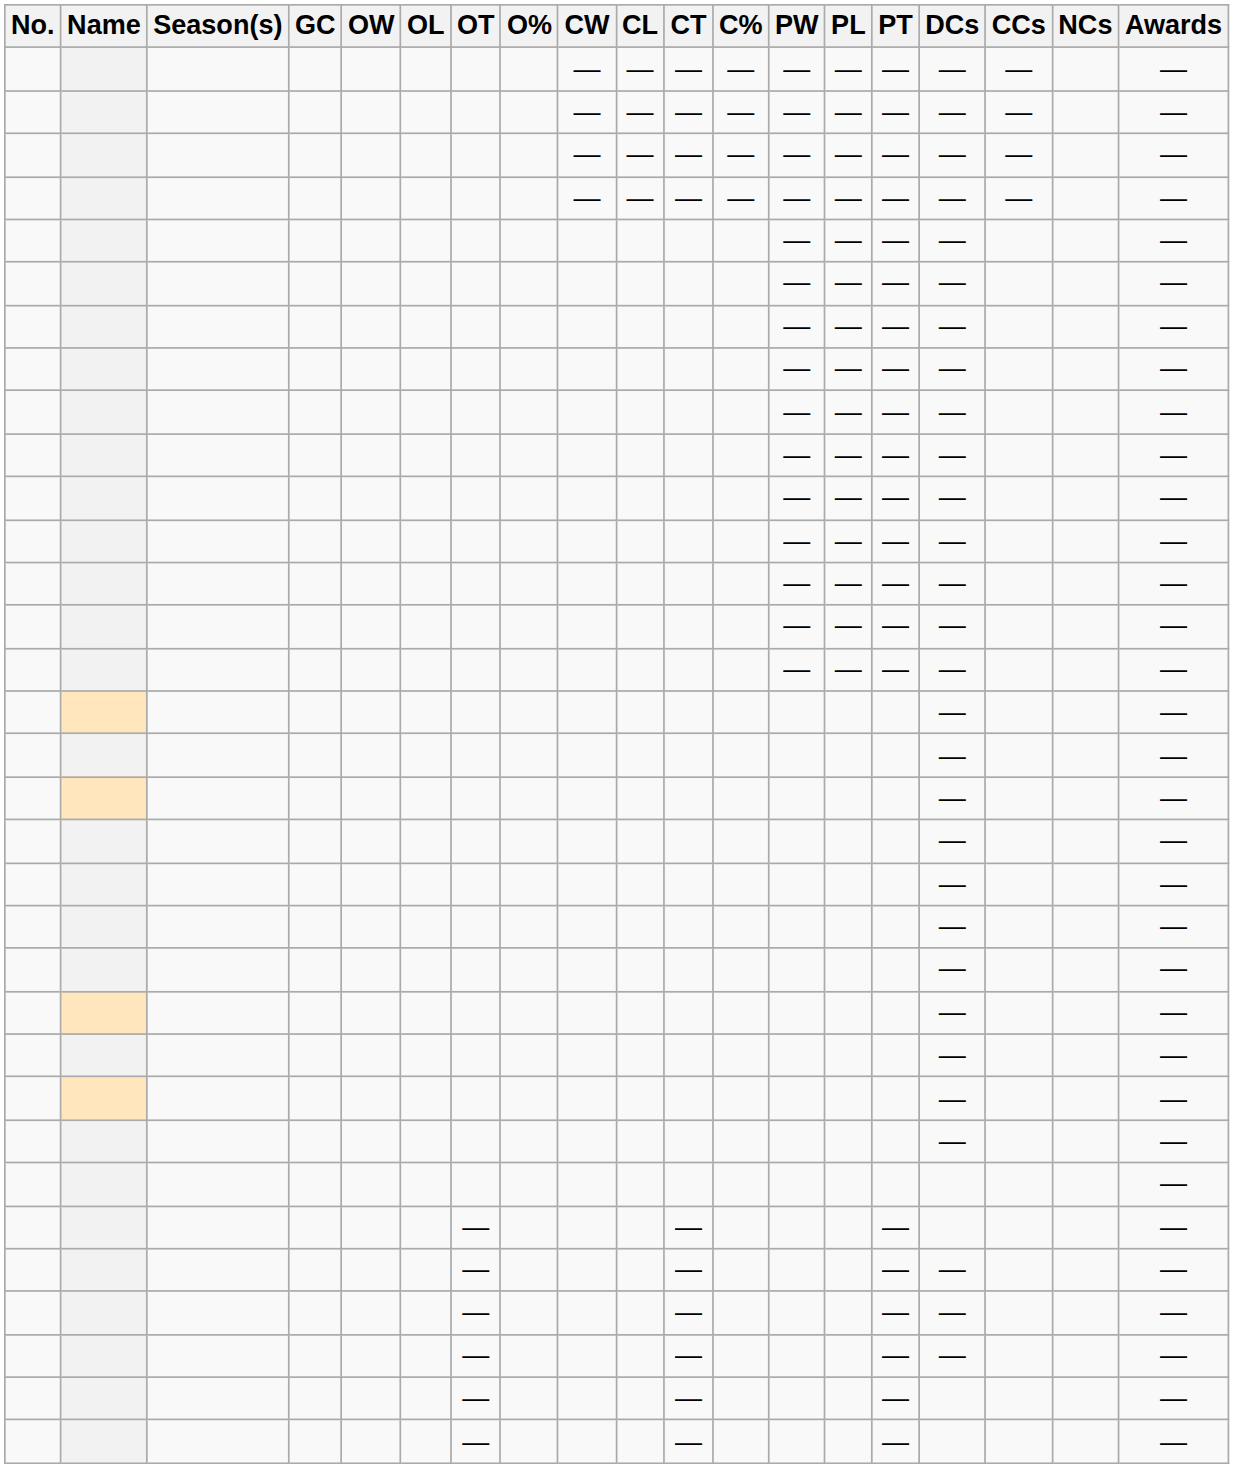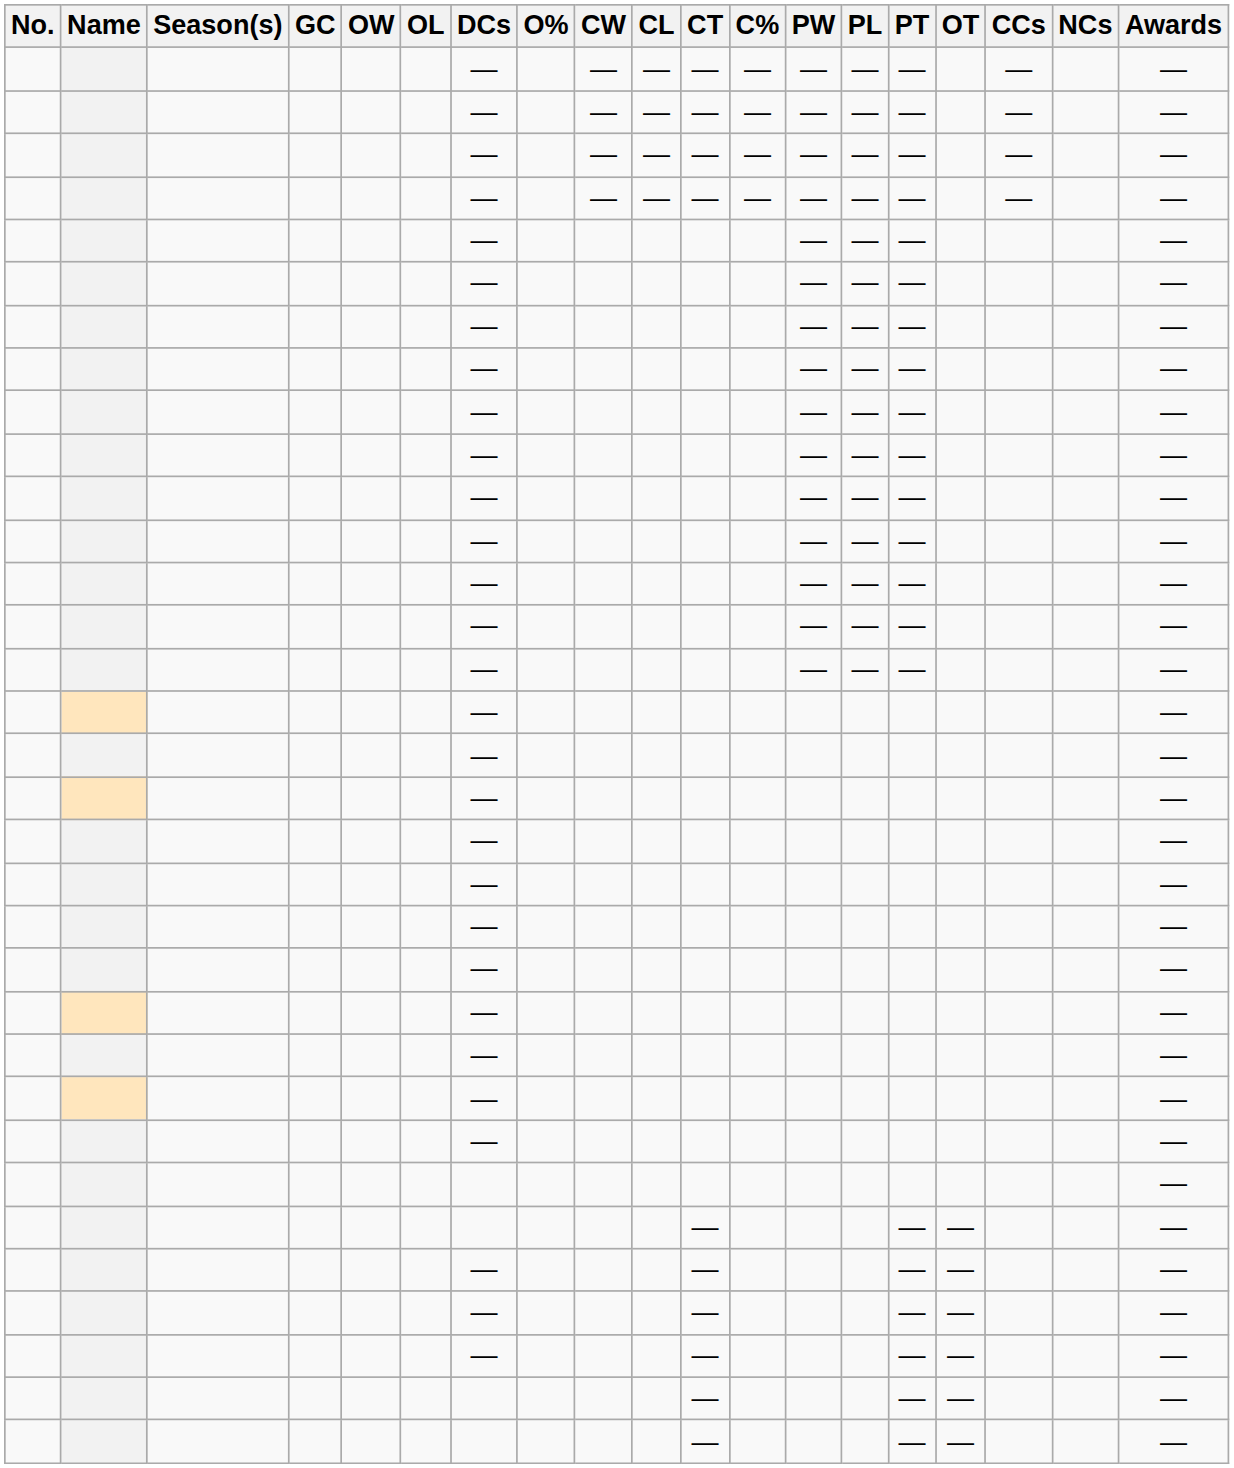 <table class="wikitable sortable" style="text-align:center">
 <tr>
 <th scope="col" class="unsortable">No.</th>
 <th scope="col">Name</th>
 <th scope="col">Season(s)</th>
 <th scope="col">GC</th>
 <th scope="col">OW</th>
 <th scope="col">OL</th>
-<th scope="col">OT</th>
+<th scope="col">DCs</th>
 <th scope="col">O%</th>
 <th scope="col">CW</th>
 <th scope="col">CL</th>
 <th scope="col">CT</th>
 <th scope="col">C%</th>
 <th scope="col">PW</th>
 <th scope="col">PL</th>
 <th scope="col">PT</th>
-<th scope="col">DCs</th>
+<th scope="col">OT</th>
 <th scope="col">CCs</th>
 <th scope="col">NCs</th>
 <th scope="col" class="unsortable">Awards</th>
 </tr>
 <tr>
 <td></td>
 <th scope="row"></th>
 <td></td>
 <td></td>
 <td></td>
 <td></td>
-<td></td>
+<td>—</td>
 <td></td>
 <td>—</td>
 <td>—</td>
 <td>—</td>
 <td>—</td>
 <td>—</td>
 <td>—</td>
 <td>—</td>
-<td>—</td>
+<td></td>
 <td>—</td>
 <td></td>
 <td>—</td>
 </tr>
 <tr>
 <td></td>
 <th scope="row"></th>
 <td></td>
 <td></td>
 <td></td>
 <td></td>
-<td></td>
+<td>—</td>
 <td></td>
 <td>—</td>
 <td>—</td>
 <td>—</td>
 <td>—</td>
 <td>—</td>
 <td>—</td>
 <td>—</td>
-<td>—</td>
+<td></td>
 <td>—</td>
 <td></td>
 <td>—</td>
 </tr>
 <tr>
 <td></td>
 <th scope="row"></th>
 <td></td>
 <td></td>
 <td></td>
 <td></td>
-<td></td>
+<td>—</td>
 <td></td>
 <td>—</td>
 <td>—</td>
 <td>—</td>
 <td>—</td>
 <td>—</td>
 <td>—</td>
 <td>—</td>
-<td>—</td>
+<td></td>
 <td>—</td>
 <td></td>
 <td>—</td>
 </tr>
 <tr>
 <td></td>
 <th scope="row"></th>
 <td></td>
 <td></td>
 <td></td>
 <td></td>
-<td></td>
+<td>—</td>
 <td></td>
 <td>—</td>
 <td>—</td>
 <td>—</td>
 <td>—</td>
 <td>—</td>
 <td>—</td>
 <td>—</td>
-<td>—</td>
+<td></td>
 <td>—</td>
 <td></td>
 <td>—</td>
 </tr>
 <tr>
 <td></td>
 <th scope="row"></th>
 <td></td>
 <td></td>
 <td></td>
 <td></td>
-<td></td>
+<td>—</td>
 <td></td>
 <td></td>
 <td></td>
 <td></td>
 <td></td>
 <td>—</td>
 <td>—</td>
 <td>—</td>
-<td>—</td>
+<td></td>
 <td></td>
 <td></td>
 <td>—</td>
 </tr>
 <tr>
 <td></td>
 <th scope="row"></th>
 <td></td>
 <td></td>
 <td></td>
 <td></td>
-<td></td>
+<td>—</td>
 <td></td>
 <td></td>
 <td></td>
 <td></td>
 <td></td>
 <td>—</td>
 <td>—</td>
 <td>—</td>
-<td>—</td>
+<td></td>
 <td></td>
 <td></td>
 <td>—</td>
 </tr>
 <tr>
 <td></td>
 <th scope="row"></th>
 <td></td>
 <td></td>
 <td></td>
 <td></td>
-<td></td>
+<td>—</td>
 <td></td>
 <td></td>
 <td></td>
 <td></td>
 <td></td>
 <td>—</td>
 <td>—</td>
 <td>—</td>
-<td>—</td>
+<td></td>
 <td></td>
 <td></td>
 <td>—</td>
 </tr>
 <tr>
 <td></td>
 <th scope="row"></th>
 <td></td>
 <td></td>
 <td></td>
 <td></td>
-<td></td>
+<td>—</td>
 <td></td>
 <td></td>
 <td></td>
 <td></td>
 <td></td>
 <td>—</td>
 <td>—</td>
 <td>—</td>
-<td>—</td>
+<td></td>
 <td></td>
 <td></td>
 <td>—</td>
 </tr>
 <tr>
 <td></td>
 <th scope="row"></th>
 <td></td>
 <td></td>
 <td></td>
 <td></td>
-<td></td>
+<td>—</td>
 <td></td>
 <td></td>
 <td></td>
 <td></td>
 <td></td>
 <td>—</td>
 <td>—</td>
 <td>—</td>
-<td>—</td>
+<td></td>
 <td></td>
 <td></td>
 <td>—</td>
 </tr>
 <tr>
 <td></td>
 <th scope="row"></th>
 <td></td>
 <td></td>
 <td></td>
 <td></td>
-<td></td>
+<td>—</td>
 <td></td>
 <td></td>
 <td></td>
 <td></td>
 <td></td>
 <td>—</td>
 <td>—</td>
 <td>—</td>
-<td>—</td>
+<td></td>
 <td></td>
 <td></td>
 <td>—</td>
 </tr>
 <tr>
 <td></td>
 <th scope="row"></th>
 <td></td>
 <td></td>
 <td></td>
 <td></td>
-<td></td>
+<td>—</td>
 <td></td>
 <td></td>
 <td></td>
 <td></td>
 <td></td>
 <td>—</td>
 <td>—</td>
 <td>—</td>
-<td>—</td>
+<td></td>
 <td></td>
 <td></td>
 <td>—</td>
 </tr>
 <tr>
 <td></td>
 <th scope="row"></th>
 <td></td>
 <td></td>
 <td></td>
 <td></td>
-<td></td>
+<td>—</td>
 <td></td>
 <td></td>
 <td></td>
 <td></td>
 <td></td>
 <td>—</td>
 <td>—</td>
 <td>—</td>
-<td>—</td>
+<td></td>
 <td></td>
 <td></td>
 <td>—</td>
 </tr>
 <tr>
 <td></td>
 <th scope="row"></th>
 <td></td>
 <td></td>
 <td></td>
 <td></td>
-<td></td>
+<td>—</td>
 <td></td>
 <td></td>
 <td></td>
 <td></td>
 <td></td>
 <td>—</td>
 <td>—</td>
 <td>—</td>
-<td>—</td>
+<td></td>
 <td></td>
 <td></td>
 <td>—</td>
 </tr>
 <tr>
 <td></td>
 <th scope="row"></th>
 <td></td>
 <td></td>
 <td></td>
 <td></td>
-<td></td>
+<td>—</td>
 <td></td>
 <td></td>
 <td></td>
 <td></td>
 <td></td>
 <td>—</td>
 <td>—</td>
 <td>—</td>
-<td>—</td>
+<td></td>
 <td></td>
 <td></td>
 <td>—</td>
 </tr>
 <tr>
 <td></td>
 <th scope="row"></th>
 <td></td>
 <td></td>
 <td></td>
 <td></td>
-<td></td>
+<td>—</td>
 <td></td>
 <td></td>
 <td></td>
 <td></td>
 <td></td>
 <td>—</td>
 <td>—</td>
 <td>—</td>
-<td>—</td>
+<td></td>
 <td></td>
 <td></td>
 <td>—</td>
 </tr>
 <tr>
 <td></td>
 <td scope="row" align="center" bgcolor=#FFE6BD><strong></strong><sup></sup></td>
 <td></td>
 <td></td>
+<td></td>
+<td></td>
+<td>—</td>
 <td></td>
 <td></td>
 <td></td>
 <td></td>
 <td></td>
 <td></td>
 <td></td>
 <td></td>
 <td></td>
 <td></td>
 <td></td>
 <td>—</td>
-<td></td>
-<td></td>
-<td>—</td>
 </tr>
 <tr>
 <td></td>
 <th scope="row"></th>
 <td></td>
 <td></td>
+<td></td>
+<td></td>
+<td>—</td>
 <td></td>
 <td></td>
 <td></td>
 <td></td>
 <td></td>
 <td></td>
 <td></td>
 <td></td>
 <td></td>
 <td></td>
 <td></td>
 <td>—</td>
-<td></td>
-<td></td>
-<td>—</td>
 </tr>
 <tr>
 <td></td>
 <td scope="row" align="center" bgcolor=#FFE6BD><strong></strong><sup></sup></td>
 <td></td>
 <td></td>
+<td></td>
+<td></td>
+<td>—</td>
 <td></td>
 <td></td>
 <td></td>
 <td></td>
 <td></td>
 <td></td>
 <td></td>
 <td></td>
 <td></td>
 <td></td>
 <td></td>
 <td>—</td>
-<td></td>
-<td></td>
-<td>—</td>
 </tr>
 <tr>
 <td></td>
 <th scope="row"></th>
 <td></td>
 <td></td>
+<td></td>
+<td></td>
+<td>—</td>
 <td></td>
 <td></td>
 <td></td>
 <td></td>
 <td></td>
 <td></td>
 <td></td>
 <td></td>
 <td></td>
 <td></td>
 <td></td>
 <td>—</td>
-<td></td>
-<td></td>
-<td>—</td>
 </tr>
 <tr>
 <td></td>
 <th scope="row"></th>
 <td></td>
 <td></td>
+<td></td>
+<td></td>
+<td>—</td>
 <td></td>
 <td></td>
 <td></td>
 <td></td>
 <td></td>
 <td></td>
 <td></td>
 <td></td>
 <td></td>
 <td></td>
 <td></td>
 <td>—</td>
-<td></td>
-<td></td>
-<td>—</td>
 </tr>
 <tr>
 <td></td>
 <th scope="row"></th>
 <td></td>
 <td></td>
+<td></td>
+<td></td>
+<td>—</td>
 <td></td>
 <td></td>
 <td></td>
 <td></td>
 <td></td>
 <td></td>
 <td></td>
 <td></td>
 <td></td>
 <td></td>
 <td></td>
 <td>—</td>
-<td></td>
-<td></td>
-<td>—</td>
 </tr>
 <tr>
 <td></td>
 <th scope="row"></th>
 <td></td>
 <td></td>
+<td></td>
+<td></td>
+<td>—</td>
 <td></td>
 <td></td>
 <td></td>
 <td></td>
 <td></td>
 <td></td>
 <td></td>
 <td></td>
 <td></td>
 <td></td>
 <td></td>
 <td>—</td>
-<td></td>
-<td></td>
-<td>—</td>
 </tr>
 <tr>
 <td></td>
 <td scope="row" align="center" bgcolor=#FFE6BD><strong></strong><sup></sup></td>
 <td></td>
 <td></td>
+<td></td>
+<td></td>
+<td>—</td>
 <td></td>
 <td></td>
 <td></td>
 <td></td>
 <td></td>
 <td></td>
 <td></td>
 <td></td>
 <td></td>
 <td></td>
 <td></td>
 <td>—</td>
-<td></td>
-<td></td>
-<td>—</td>
 </tr>
 <tr>
 <td></td>
 <th scope="row"></th>
 <td></td>
 <td></td>
+<td></td>
+<td></td>
+<td>—</td>
 <td></td>
 <td></td>
 <td></td>
 <td></td>
 <td></td>
 <td></td>
 <td></td>
 <td></td>
 <td></td>
 <td></td>
 <td></td>
 <td>—</td>
-<td></td>
-<td></td>
-<td>—</td>
 </tr>
 <tr>
 <td></td>
 <td scope="row" align="center" bgcolor=#FFE6BD><strong></strong><sup></sup></td>
 <td></td>
 <td></td>
+<td></td>
+<td></td>
+<td>—</td>
 <td></td>
 <td></td>
 <td></td>
 <td></td>
 <td></td>
 <td></td>
 <td></td>
 <td></td>
 <td></td>
 <td></td>
 <td></td>
 <td>—</td>
-<td></td>
-<td></td>
-<td>—</td>
 </tr>
 <tr>
 <td></td>
 <th scope="row"></th>
+<td></td>
+<td></td>
+<td></td>
+<td></td>
+<td>—</td>
 <td></td>
 <td></td>
 <td></td>
 <td></td>
 <td></td>
 <td></td>
 <td></td>
 <td></td>
 <td></td>
-<td></td>
-<td></td>
-<td></td>
-<td></td>
-<td>—</td>
 <td></td>
 <td></td>
 <td>—</td>
 </tr>
 <tr>
 <td></td>
 <th scope="row"></th>
 <td></td>
 <td></td>
 <td></td>
 <td></td>
 <td></td>
 <td></td>
 <td></td>
 <td></td>
 <td></td>
 <td></td>
 <td></td>
 <td></td>
 <td></td>
 <td></td>
 <td></td>
 <td></td>
 <td>—</td>
 </tr>
 <tr>
 <td></td>
 <th scope="row"></th>
 <td></td>
 <td></td>
 <td></td>
 <td></td>
-<td>—</td>
+<td></td>
 <td></td>
 <td></td>
 <td></td>
 <td>—</td>
 <td></td>
 <td></td>
 <td></td>
 <td>—</td>
-<td></td>
+<td>—</td>
 <td></td>
 <td></td>
 <td>—</td>
 </tr>
 <tr>
 <td></td>
 <th scope="row"></th>
 <td></td>
 <td></td>
 <td></td>
 <td></td>
 <td>—</td>
 <td></td>
 <td></td>
 <td></td>
 <td>—</td>
 <td></td>
 <td></td>
 <td></td>
 <td>—</td>
 <td>—</td>
 <td></td>
 <td></td>
 <td>—</td>
 </tr>
 <tr>
 <td></td>
 <th scope="row"></th>
 <td></td>
 <td></td>
 <td></td>
 <td></td>
 <td>—</td>
 <td></td>
 <td></td>
 <td></td>
 <td>—</td>
 <td></td>
 <td></td>
 <td></td>
 <td>—</td>
 <td>—</td>
 <td></td>
 <td></td>
 <td>—</td>
 </tr>
 <tr>
 <td></td>
 <th scope="row"></th>
 <td></td>
 <td></td>
 <td></td>
 <td></td>
 <td>—</td>
 <td></td>
 <td></td>
 <td></td>
 <td>—</td>
 <td></td>
 <td></td>
 <td></td>
 <td>—</td>
 <td>—</td>
 <td></td>
 <td></td>
 <td>—</td>
 </tr>
 <tr>
 <td></td>
 <th scope="row"></th>
 <td></td>
 <td></td>
 <td></td>
 <td></td>
-<td>—</td>
+<td></td>
 <td></td>
 <td></td>
 <td></td>
 <td>—</td>
 <td></td>
 <td></td>
 <td></td>
 <td>—</td>
-<td></td>
+<td>—</td>
 <td></td>
 <td></td>
 <td>—</td>
 </tr>
 <tr>
 <td></td>
 <th scope="row"></th>
 <td></td>
 <td></td>
 <td></td>
 <td></td>
-<td>—</td>
+<td></td>
 <td></td>
 <td></td>
 <td></td>
 <td>—</td>
 <td></td>
 <td></td>
 <td></td>
 <td>—</td>
-<td></td>
+<td>—</td>
 <td></td>
 <td></td>
 <td>—</td>
 </tr>
 </table>
